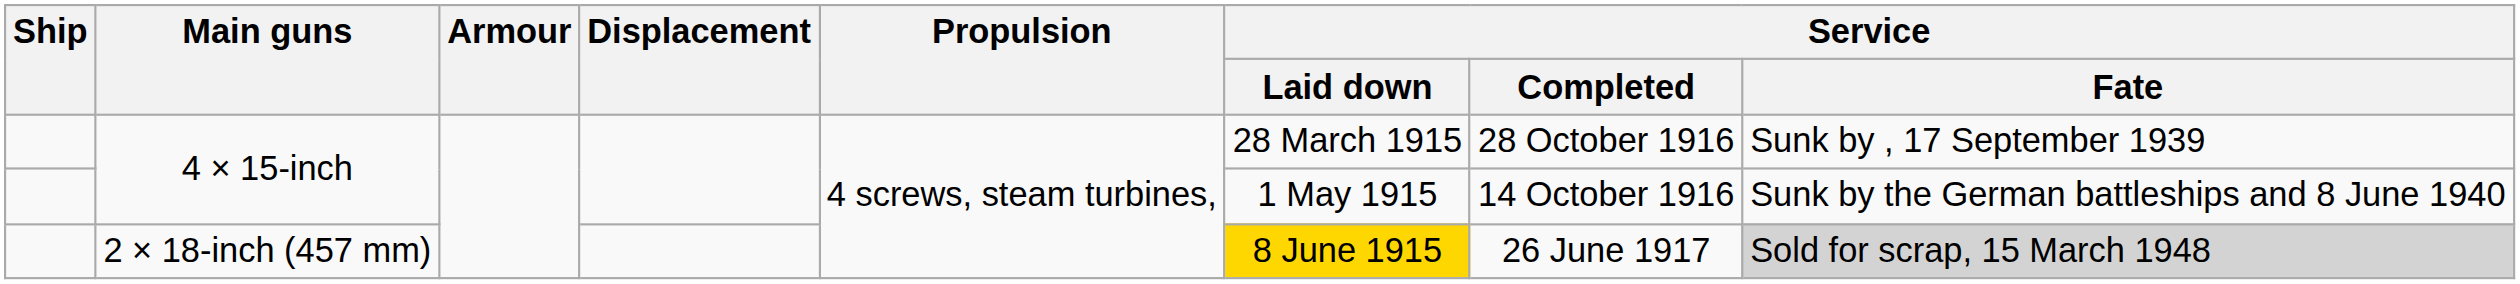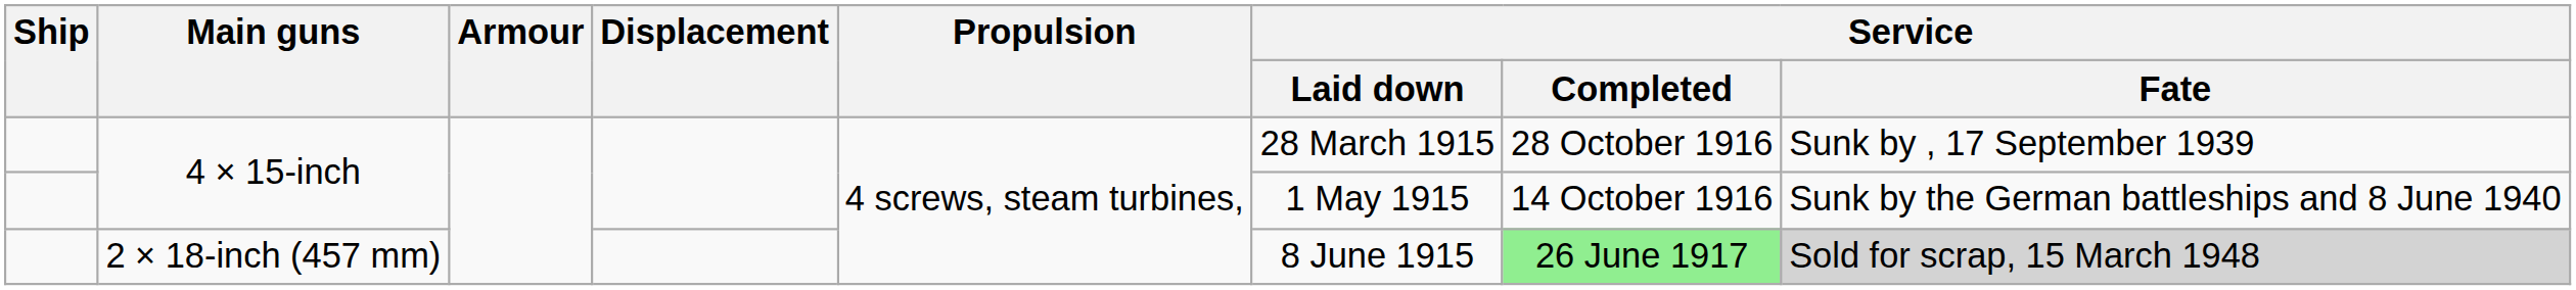 <table class="wikitable">
 <tr valign="top">
 <th align= center rowspan=2>Ship</th>
 <th align= center rowspan=2>Main guns</th>
 <th align= center rowspan=2>Armour</th>
 <th align= center rowspan=2>Displacement</th>
 <th align= center rowspan=2>Propulsion</th>
 <th align= center colspan=3>Service</th>
 </tr>
 <tr valign="top">
 <th align= center>Laid down</th>
 <th align= center>Completed</th>
 <th align= center>Fate</th>
 </tr>
 <tr valign="center">
 <td align= left></td>
 <td align= center rowspan=2>4 × 15-inch</td>
 <td align= center rowspan=3></td>
 <td align= center rowspan=2></td>
 <td align= center rowspan=3>4 screws, steam turbines,<br></td>
 <td align= center>28 March 1915</td>
 <td align= center>28 October 1916</td>
 <td align= left>Sunk by , 17 September 1939</td>
 </tr>
 <tr valign="center">
 <td align= left></td>
 <td align= center>1 May 1915</td>
 <td align= center>14 October 1916</td>
 <td align= left>Sunk by the German battleships  and  8 June 1940</td>
 </tr>
 <tr valign="center">
 <td align= left></td>
 <td align= center>2 × 18-inch (457 mm)</td>
 <td align= center></td>
-<td align= center style="background: gold;">8 June 1915</td>
-<td align= center>26 June 1917</td>
+<td align= center>8 June 1915</td>
+<td align= center style="background: lightgreen;">26 June 1917</td>
 <td align= left style="background: lightgrey;">Sold for scrap, 15 March 1948</td>
 </tr>
 </table>
